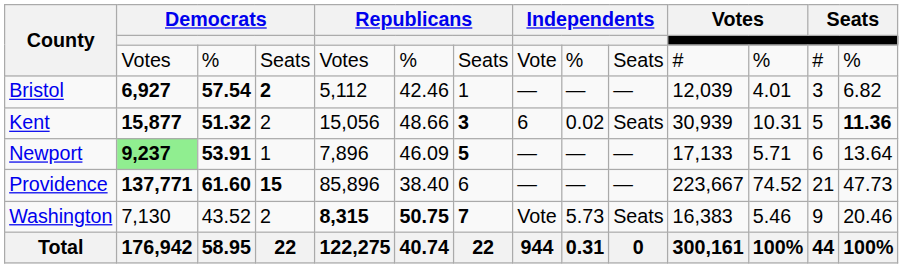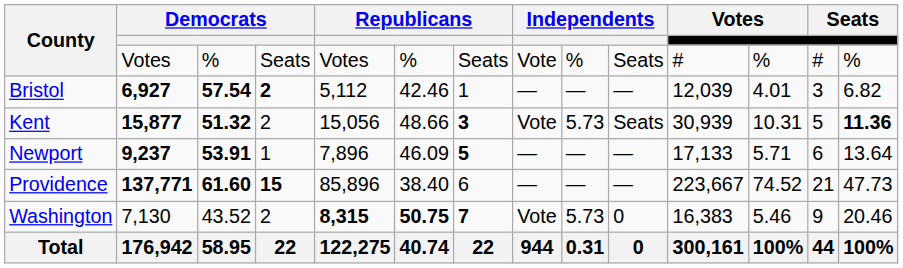 <table class="wikitable defaultcenter">
 <tr>
 <th rowspan="3">County</th>
 <th colspan=3><a href='#'>Democrats</a></th>
 <th colspan=3><a href='#'>Republicans</a></th>
 <th colspan=3><a href='#'>Independents</a></th>
 <th colspan=2>Votes</th>
 <th colspan=2>Seats</th>
 </tr>
 <tr>
 <th colspan=3 style="background-color:"></th>
 <th colspan=3 style="background-color:"></th>
 <th colspan=3 style="background-color:"></th>
 <th colspan=4 style="background-color:#000000"></th>
 </tr>
 <tr>
 <td>Votes</td>
 <td>%</td>
 <td>Seats</td>
 <td>Votes</td>
 <td>%</td>
 <td>Seats</td>
 <td>Vote</td>
 <td>%</td>
 <td>Seats</td>
 <td>#</td>
 <td>%</td>
 <td>#</td>
 <td>%</td>
 </tr>
 <tr>
 <td><a href='#'>Bristol</a></td>
 <td><strong>6,927</strong></td>
 <td><strong>57.54</strong></td>
 <td><strong>2</strong></td>
 <td>5,112</td>
 <td>42.46</td>
 <td>1</td>
 <td>—</td>
 <td>—</td>
 <td>—</td>
 <td>12,039</td>
 <td>4.01</td>
 <td>3</td>
 <td>6.82</td>
 </tr>
 <tr>
 <td><a href='#'>Kent</a></td>
 <td><strong>15,877</strong></td>
 <td><strong>51.32</strong></td>
 <td>2</td>
 <td>15,056</td>
 <td>48.66</td>
 <td><strong>3</strong></td>
-<td>6</td>
-<td>0.02</td>
+<td>Vote</td>
+<td>5.73</td>
 <td>Seats</td>
 <td>30,939</td>
 <td>10.31</td>
 <td>5</td>
 <td><strong>11.36</strong></td>
 </tr>
 <tr>
 <td><a href='#'>Newport</a></td>
-<td style="background: lightgreen;"><strong>9,237</strong></td>
+<td><strong>9,237</strong></td>
 <td><strong>53.91</strong></td>
 <td>1</td>
 <td>7,896</td>
 <td>46.09</td>
 <td><strong>5</strong></td>
 <td>—</td>
 <td>—</td>
 <td>—</td>
 <td>17,133</td>
 <td>5.71</td>
 <td>6</td>
 <td>13.64</td>
 </tr>
 <tr>
 <td><a href='#'>Providence</a></td>
 <td><strong>137,771</strong></td>
 <td><strong>61.60</strong></td>
 <td><strong>15</strong></td>
 <td>85,896</td>
 <td>38.40</td>
 <td>6</td>
 <td>—</td>
 <td>—</td>
 <td>—</td>
 <td>223,667</td>
 <td>74.52</td>
 <td>21</td>
 <td>47.73</td>
 </tr>
 <tr>
 <td><a href='#'>Washington</a></td>
 <td>7,130</td>
 <td>43.52</td>
 <td>2</td>
 <td><strong>8,315</strong></td>
 <td><strong>50.75</strong></td>
 <td><strong>7</strong></td>
 <td>Vote</td>
 <td>5.73</td>
-<td>Seats</td>
+<td>0</td>
 <td>16,383</td>
 <td>5.46</td>
 <td>9</td>
 <td>20.46</td>
 </tr>
 <tr>
 <th>Total</th>
 <th>176,942</th>
 <th>58.95</th>
 <th>22</th>
 <th>122,275</th>
 <th>40.74</th>
 <th>22</th>
 <th>944</th>
 <th>0.31</th>
 <th>0</th>
 <th>300,161</th>
 <th>100%</th>
 <th>44</th>
 <th>100%</th>
 </tr>
 </table>
